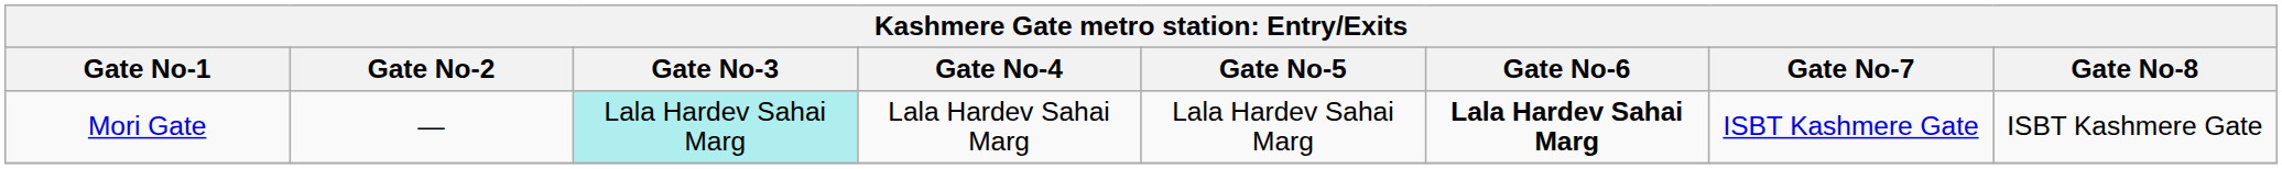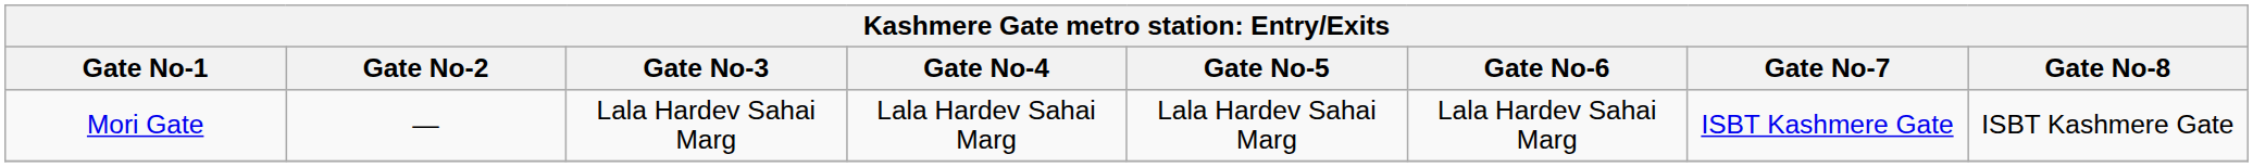 <table class="wikitable" style="text-align: center;" width="68%">
 <tr>
 <th align="center" colspan="8" style="background:#"><span>Kashmere Gate metro station: Entry/Exits</span></th>
 </tr>
 <tr>
 <th style="width:8.5%;">Gate No-1 </th>
 <th style="width:8.5%;">Gate No-2</th>
 <th style="width:8.5%;">Gate No-3</th>
 <th style="width:8.5%;">Gate No-4</th>
 <th style="width:8.5%;">Gate No-5</th>
 <th style="width:8.5%;">Gate No-6 </th>
 <th style="width:8.5%;">Gate No-7 </th>
 <th style="width:8.5%;">Gate No-8</th>
 </tr>
 <tr>
 <td><a href='#'>Mori Gate</a></td>
 <td>—</td>
-<td style="background: paleturquoise;">Lala Hardev Sahai Marg</td>
 <td>Lala Hardev Sahai Marg</td>
 <td>Lala Hardev Sahai Marg</td>
-<td><strong>Lala Hardev Sahai Marg</strong></td>
+<td>Lala Hardev Sahai Marg</td>
+<td>Lala Hardev Sahai Marg</td>
 <td><a href='#'>ISBT Kashmere Gate</a></td>
 <td>ISBT Kashmere Gate</td>
 </tr>
 <tr>
 </tr>
 </table>
